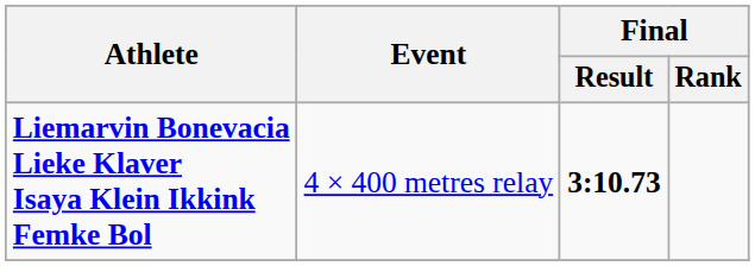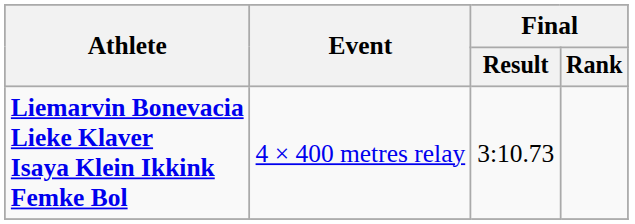 <table class=wikitable style=font-size:90%>
 <tr>
 <th rowspan=2>Athlete</th>
 <th rowspan=2>Event</th>
 <th colspan=2>Final</th>
 </tr>
 <tr style=font-size:95%>
 <th>Result</th>
 <th>Rank</th>
 </tr>
 <tr align=center>
 <td align=left><strong><a href='#'>Liemarvin Bonevacia</a><br><a href='#'>Lieke Klaver</a><br><a href='#'>Isaya Klein Ikkink</a><br><a href='#'>Femke Bol</a></strong></td>
 <td align=left><a href='#'>4 × 400 metres relay</a></td>
-<td><strong>3:10.73 </strong></td>
+<td>3:10.73 </td>
 <td></td>
 </tr>
 </table>
